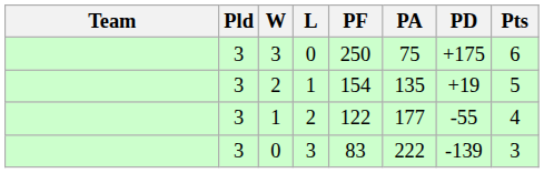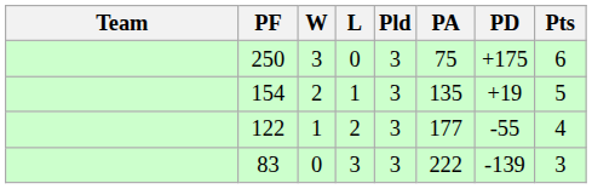 <table class=wikitable style="text-align:center">
 <tr>
 <th width=160>Team</th>
-<th width=20>Pld</th>
+<th width=35>PF</th>
 <th width=20>W</th>
 <th width=20>L</th>
-<th width=35>PF</th>
+<th width=20>Pld</th>
 <th width=35>PA</th>
 <th width=35>PD</th>
 <th width=30>Pts</th>
 </tr>
 <tr align="center" bgcolor="#CCFFCC">
 <td align=left></td>
-<td>3</td>
+<td>250</td>
 <td>3</td>
 <td>0</td>
-<td>250</td>
+<td>3</td>
 <td>75</td>
 <td>+175</td>
 <td>6</td>
 </tr>
 <tr align="center" bgcolor="#CCFFCC">
 <td align=left></td>
-<td>3</td>
+<td>154</td>
 <td>2</td>
 <td>1</td>
-<td>154</td>
+<td>3</td>
 <td>135</td>
 <td>+19</td>
 <td>5</td>
 </tr>
 <tr align="center" bgcolor="#CCFFCC">
 <td align=left></td>
-<td>3</td>
+<td>122</td>
 <td>1</td>
 <td>2</td>
-<td>122</td>
+<td>3</td>
 <td>177</td>
 <td>-55</td>
 <td>4</td>
 </tr>
 <tr align="center" bgcolor="#CCFFCC">
 <td align=left></td>
-<td>3</td>
+<td>83</td>
 <td>0</td>
 <td>3</td>
-<td>83</td>
+<td>3</td>
 <td>222</td>
 <td>-139</td>
 <td>3</td>
 </tr>
 </table>
